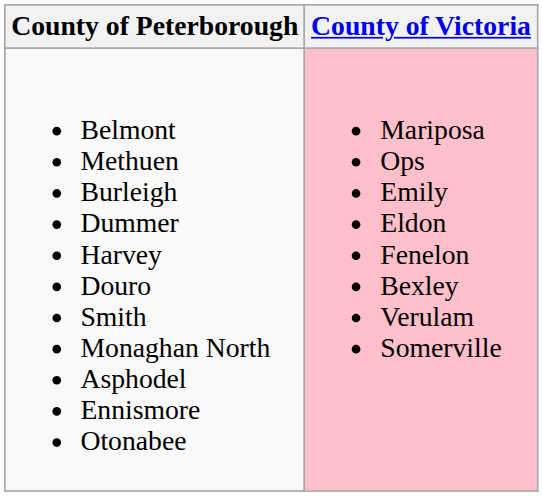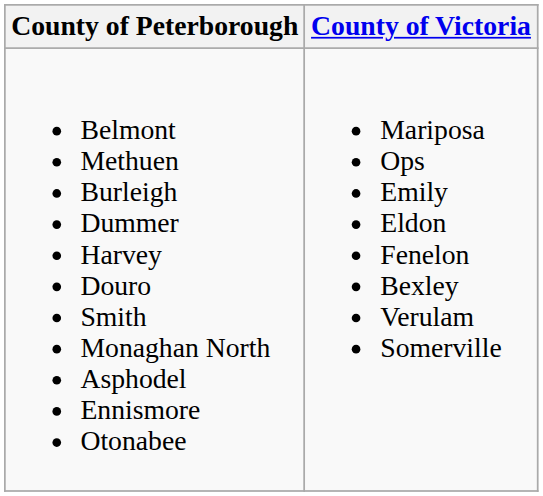 <table class="wikitable">
 <tr>
 <th>County of Peterborough</th>
 <th><a href='#'>County of Victoria</a></th>
 </tr>
 <tr valign="top">
 <td><br><ul><li>Belmont</li><li>Methuen</li><li>Burleigh</li><li>Dummer</li><li>Harvey</li><li>Douro</li><li>Smith</li><li>Monaghan North</li><li>Asphodel</li><li>Ennismore</li><li>Otonabee</li></ul></td>
-<td style="background: pink;"><br><ul><li>Mariposa</li><li>Ops</li><li>Emily</li><li>Eldon</li><li>Fenelon</li><li>Bexley</li><li>Verulam</li><li>Somerville</li></ul></td>
+<td><br><ul><li>Mariposa</li><li>Ops</li><li>Emily</li><li>Eldon</li><li>Fenelon</li><li>Bexley</li><li>Verulam</li><li>Somerville</li></ul></td>
 </tr>
 </table>
